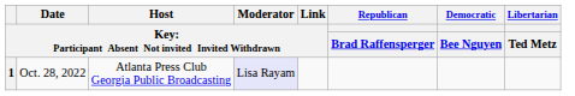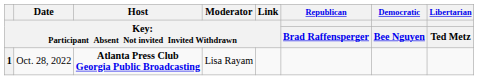 <table class="wikitable" style="text-align:center;">
 <tr>
 <th scope="col"></th>
 <th scope="col">Date</th>
 <th scope="col">Host</th>
 <th scope="col">Moderator</th>
 <th scope="col">Link</th>
 <th scope="col"><small><a href='#'>Republican</a></small></th>
 <th scope="col"><small><a href='#'>Democratic</a></small></th>
 <th scope="col"><small><a href='#'>Libertarian</a></small></th>
 </tr>
 <tr>
 <th colspan="5" rowspan="2">Key:<br> <small>Participant </small>  <small>Absent </small>  <small>Not invited </small>  <small>Invited  Withdrawn</small></th>
 <th scope="col" style="background:"></th>
 <th scope="col" style="background:"></th>
 <th scope="col" style="background:"></th>
 </tr>
 <tr>
 <th scope="col"><a href='#'>Brad Raffensperger</a></th>
 <th scope="col"><a href='#'>Bee Nguyen</a></th>
 <th scope="col">Ted Metz</th>
 </tr>
 <tr>
 <th>1</th>
 <td style="white-space:nowrap;">Oct. 28, 2022</td>
-<td style="white-space:nowrap;">Atlanta Press Club<br><a href='#'>Georgia Public Broadcasting</a></td>
-<td style="background: lavender; white-space:nowrap;">Lisa Rayam</td>
+<td style="white-space:nowrap;"><strong>Atlanta Press Club<br><a href='#'>Georgia Public Broadcasting</a></strong></td>
+<td style="white-space:nowrap;">Lisa Rayam</td>
 <td style="white-space:nowrap;"></td>
 <td></td>
 <td></td>
 <td></td>
 </tr>
 </table>
